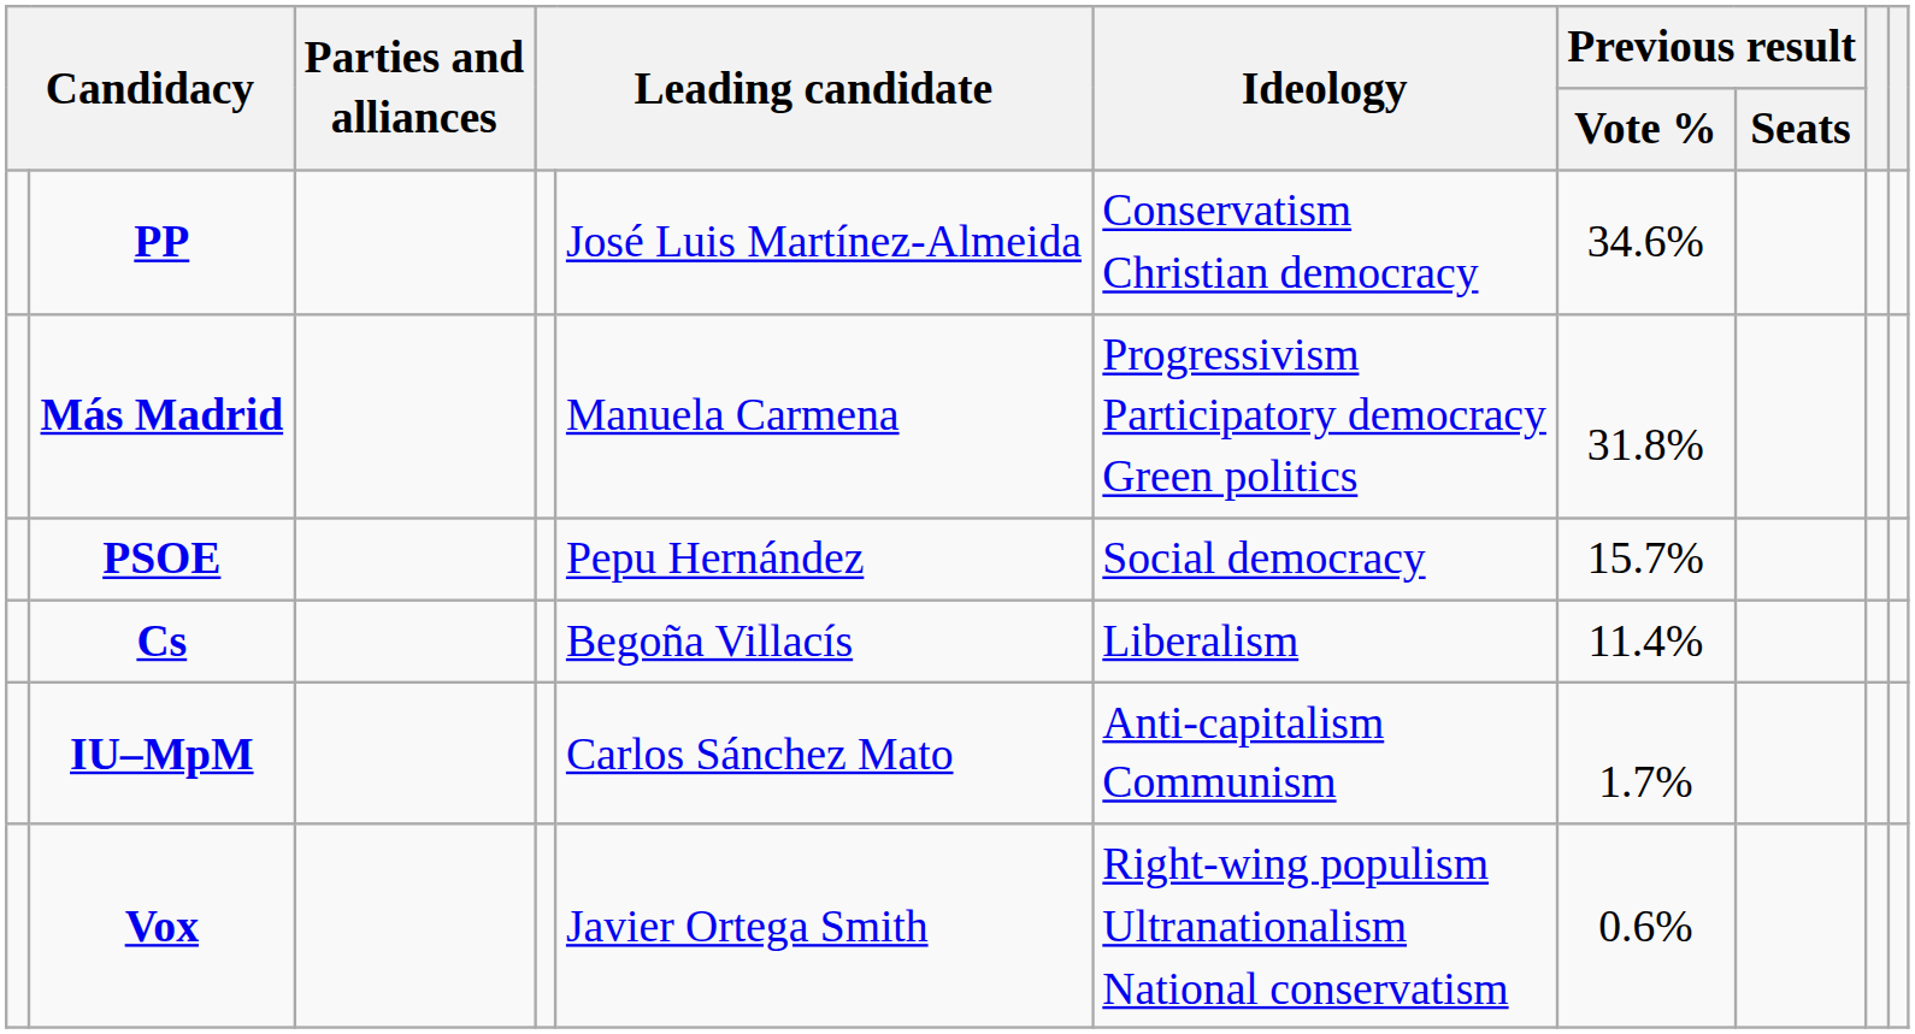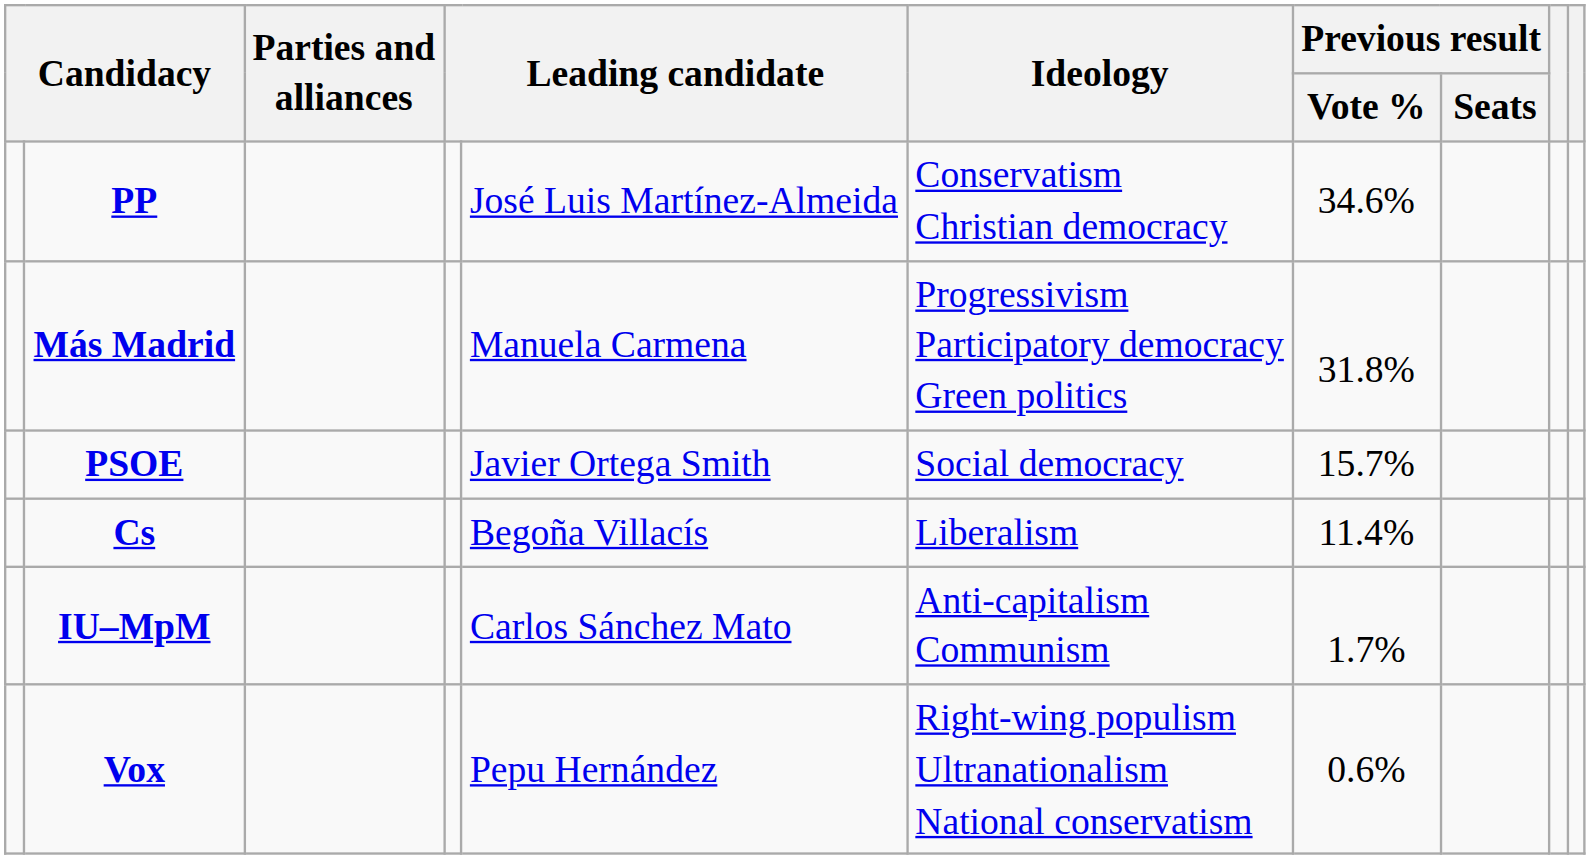 <table class="wikitable" style="line-height:1.35em; text-align:left;">
 <tr>
 <th colspan="2" rowspan="2">Candidacy</th>
 <th rowspan="2">Parties and<br>alliances</th>
 <th colspan="2" rowspan="2">Leading candidate</th>
 <th rowspan="2">Ideology</th>
 <th colspan="2">Previous result</th>
 <th rowspan="2"></th>
 <th rowspan="2"></th>
 </tr>
 <tr>
 <th>Vote %</th>
 <th>Seats</th>
 </tr>
 <tr>
 <td width="1" style="color:inherit;background:"></td>
 <td align="center"><strong><a href='#'>PP</a></strong></td>
 <td></td>
 <td></td>
 <td><a href='#'>José Luis Martínez-Almeida</a></td>
 <td><a href='#'>Conservatism</a><br><a href='#'>Christian democracy</a></td>
 <td align="center">34.6%</td>
 <td></td>
 <td></td>
 <td></td>
 </tr>
 <tr>
 <td style="color:inherit;background:"></td>
 <td align="center"><strong><a href='#'>Más Madrid</a></strong></td>
 <td></td>
 <td></td>
 <td><a href='#'>Manuela Carmena</a></td>
 <td><a href='#'>Progressivism</a><br><a href='#'>Participatory democracy</a><br><a href='#'>Green politics</a></td>
 <td align="center"><br>31.8%<br></td>
 <td></td>
 <td></td>
 <td><br></td>
 </tr>
 <tr>
 <td style="color:inherit;background:"></td>
 <td align="center"><strong><a href='#'>PSOE</a></strong></td>
 <td></td>
 <td></td>
-<td><a href='#'>Pepu Hernández</a></td>
+<td><a href='#'>Javier Ortega Smith</a></td>
 <td><a href='#'>Social democracy</a></td>
 <td align="center">15.7%</td>
 <td></td>
 <td></td>
 <td></td>
 </tr>
 <tr>
 <td style="color:inherit;background:"></td>
 <td align="center"><strong><a href='#'>Cs</a></strong></td>
 <td></td>
 <td></td>
 <td><a href='#'>Begoña Villacís</a></td>
 <td><a href='#'>Liberalism</a></td>
 <td align="center">11.4%</td>
 <td></td>
 <td></td>
 <td></td>
 </tr>
 <tr>
 <td style="color:inherit;background:"></td>
 <td align="center"><strong><a href='#'>IU–MpM</a></strong></td>
 <td></td>
 <td></td>
 <td><a href='#'>Carlos Sánchez Mato</a></td>
 <td><a href='#'>Anti-capitalism</a><br><a href='#'>Communism</a></td>
 <td align="center"><br>1.7%<br></td>
 <td></td>
 <td></td>
 <td><br></td>
 </tr>
 <tr>
 <td style="color:inherit;background:"></td>
 <td align="center"><strong><a href='#'>Vox</a></strong></td>
 <td></td>
 <td></td>
-<td><a href='#'>Javier Ortega Smith</a></td>
+<td><a href='#'>Pepu Hernández</a></td>
 <td><a href='#'>Right-wing populism</a><br><a href='#'>Ultranationalism</a><br><a href='#'>National conservatism</a></td>
 <td align="center">0.6%</td>
 <td></td>
 <td></td>
 <td></td>
 </tr>
 </table>
